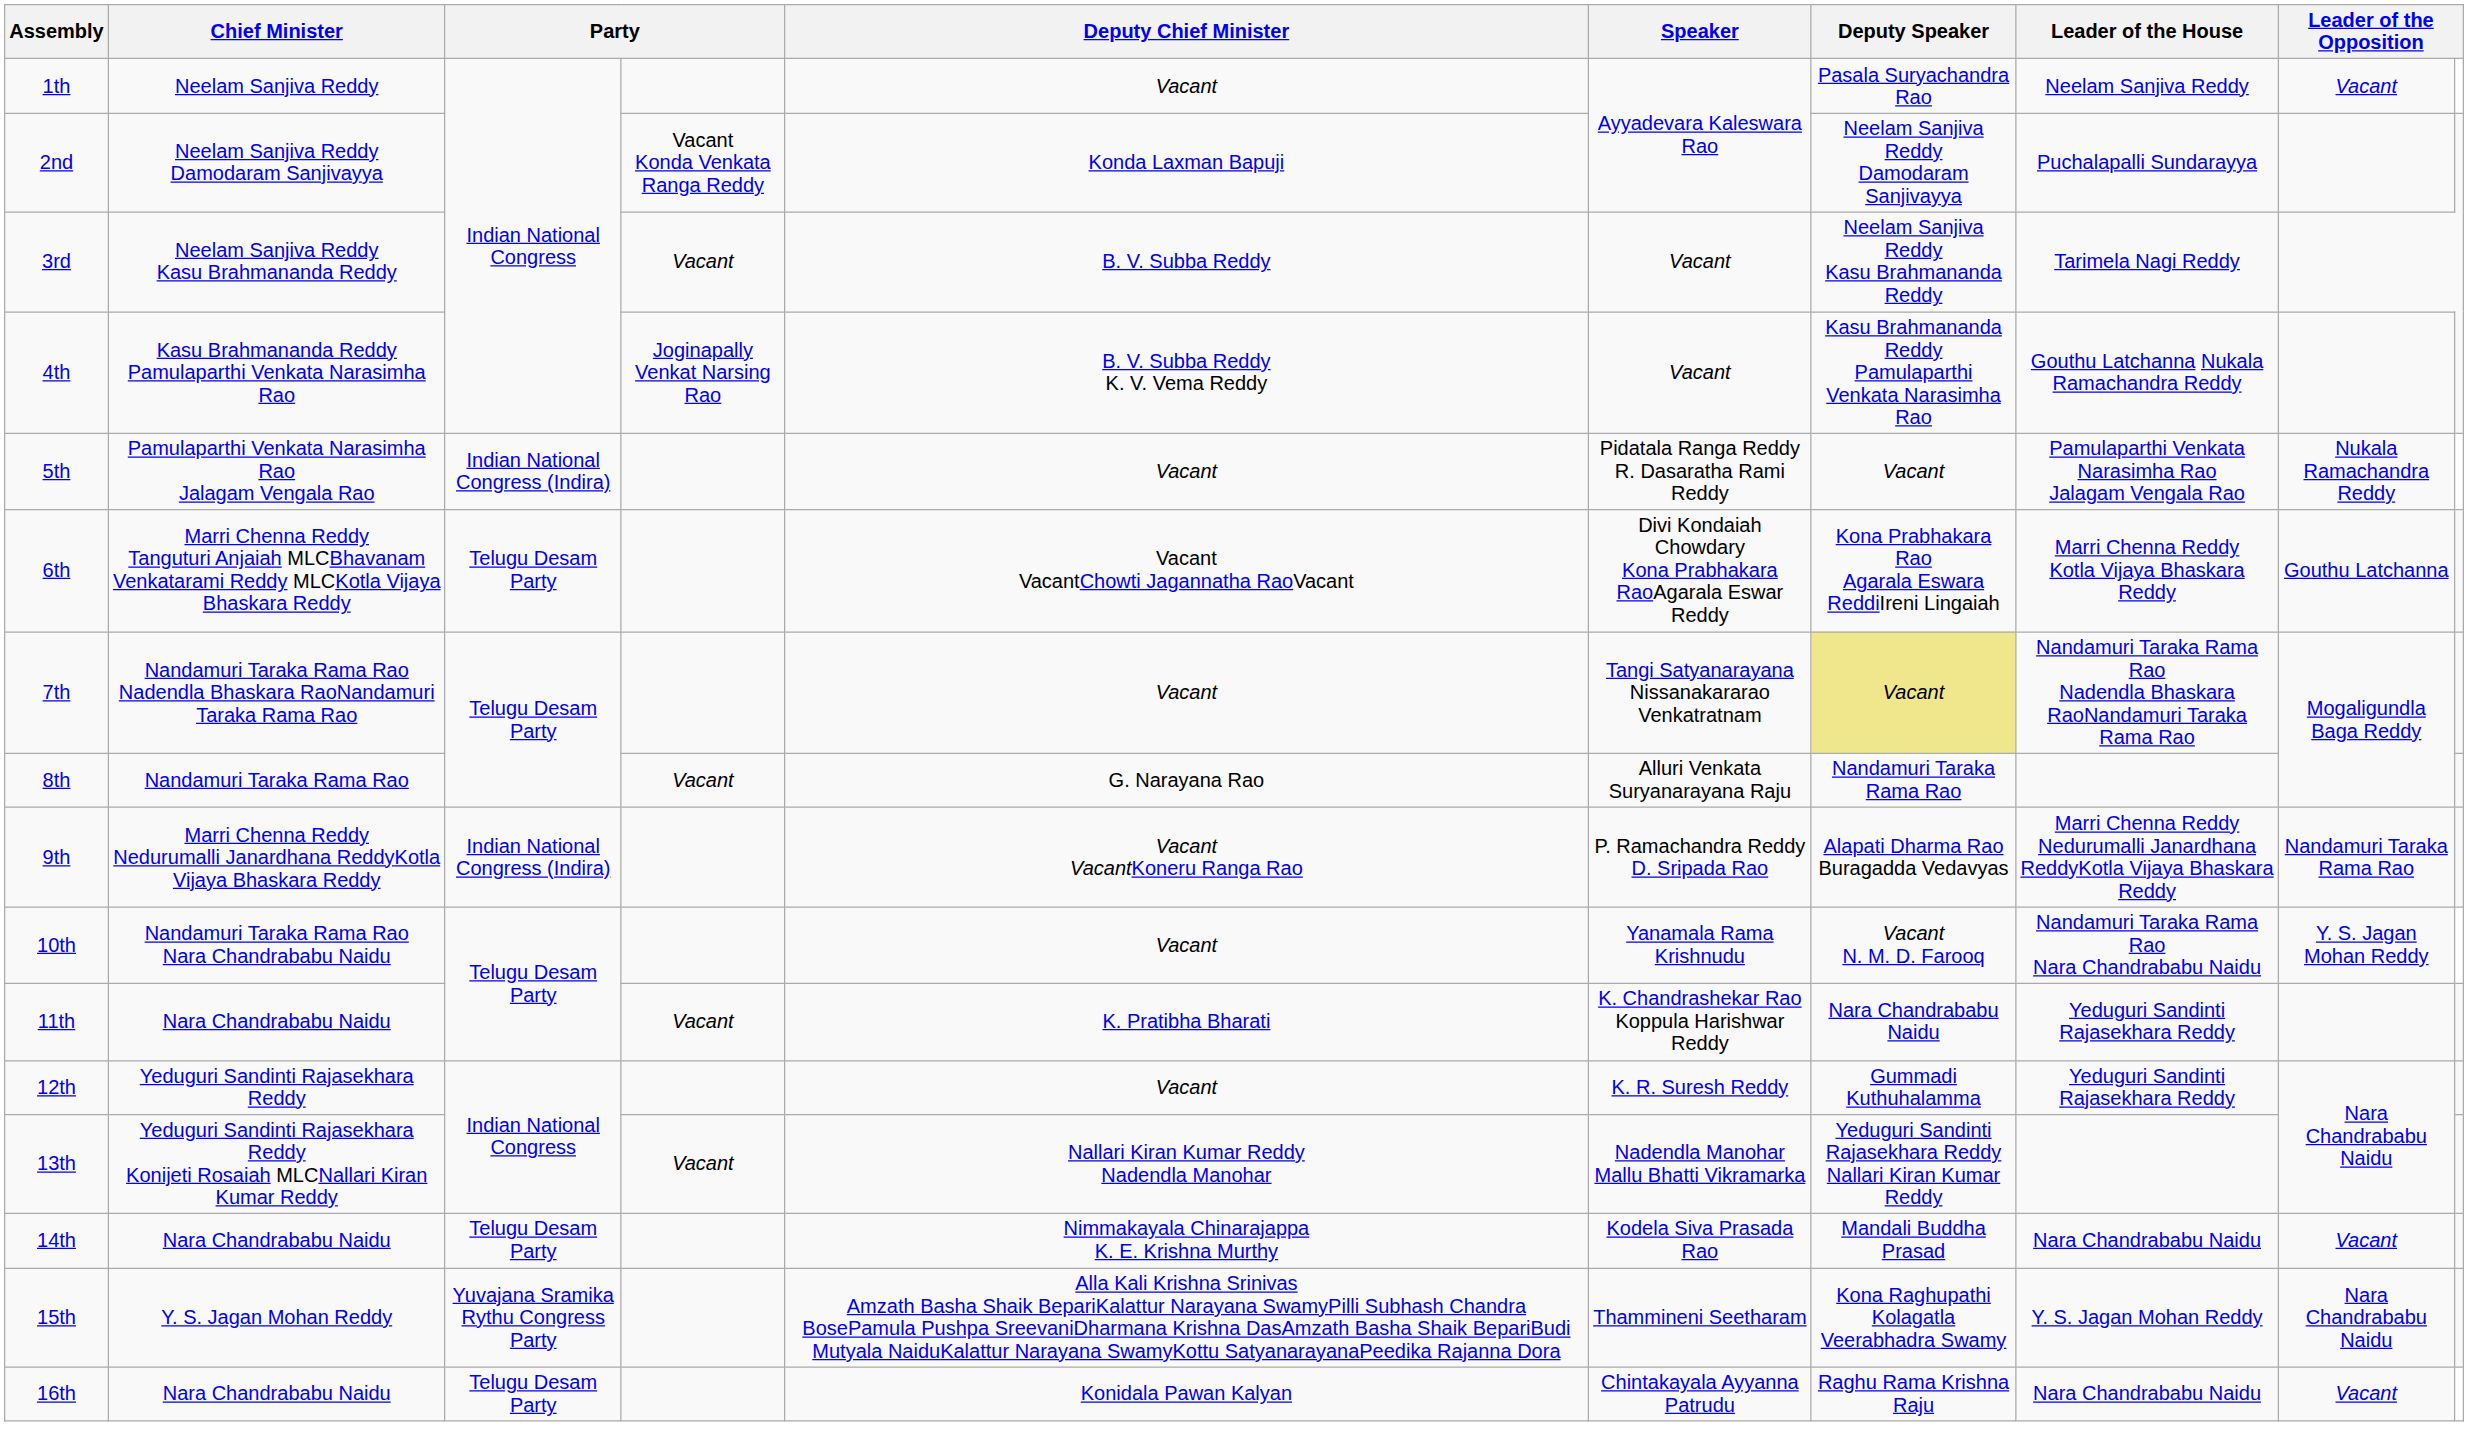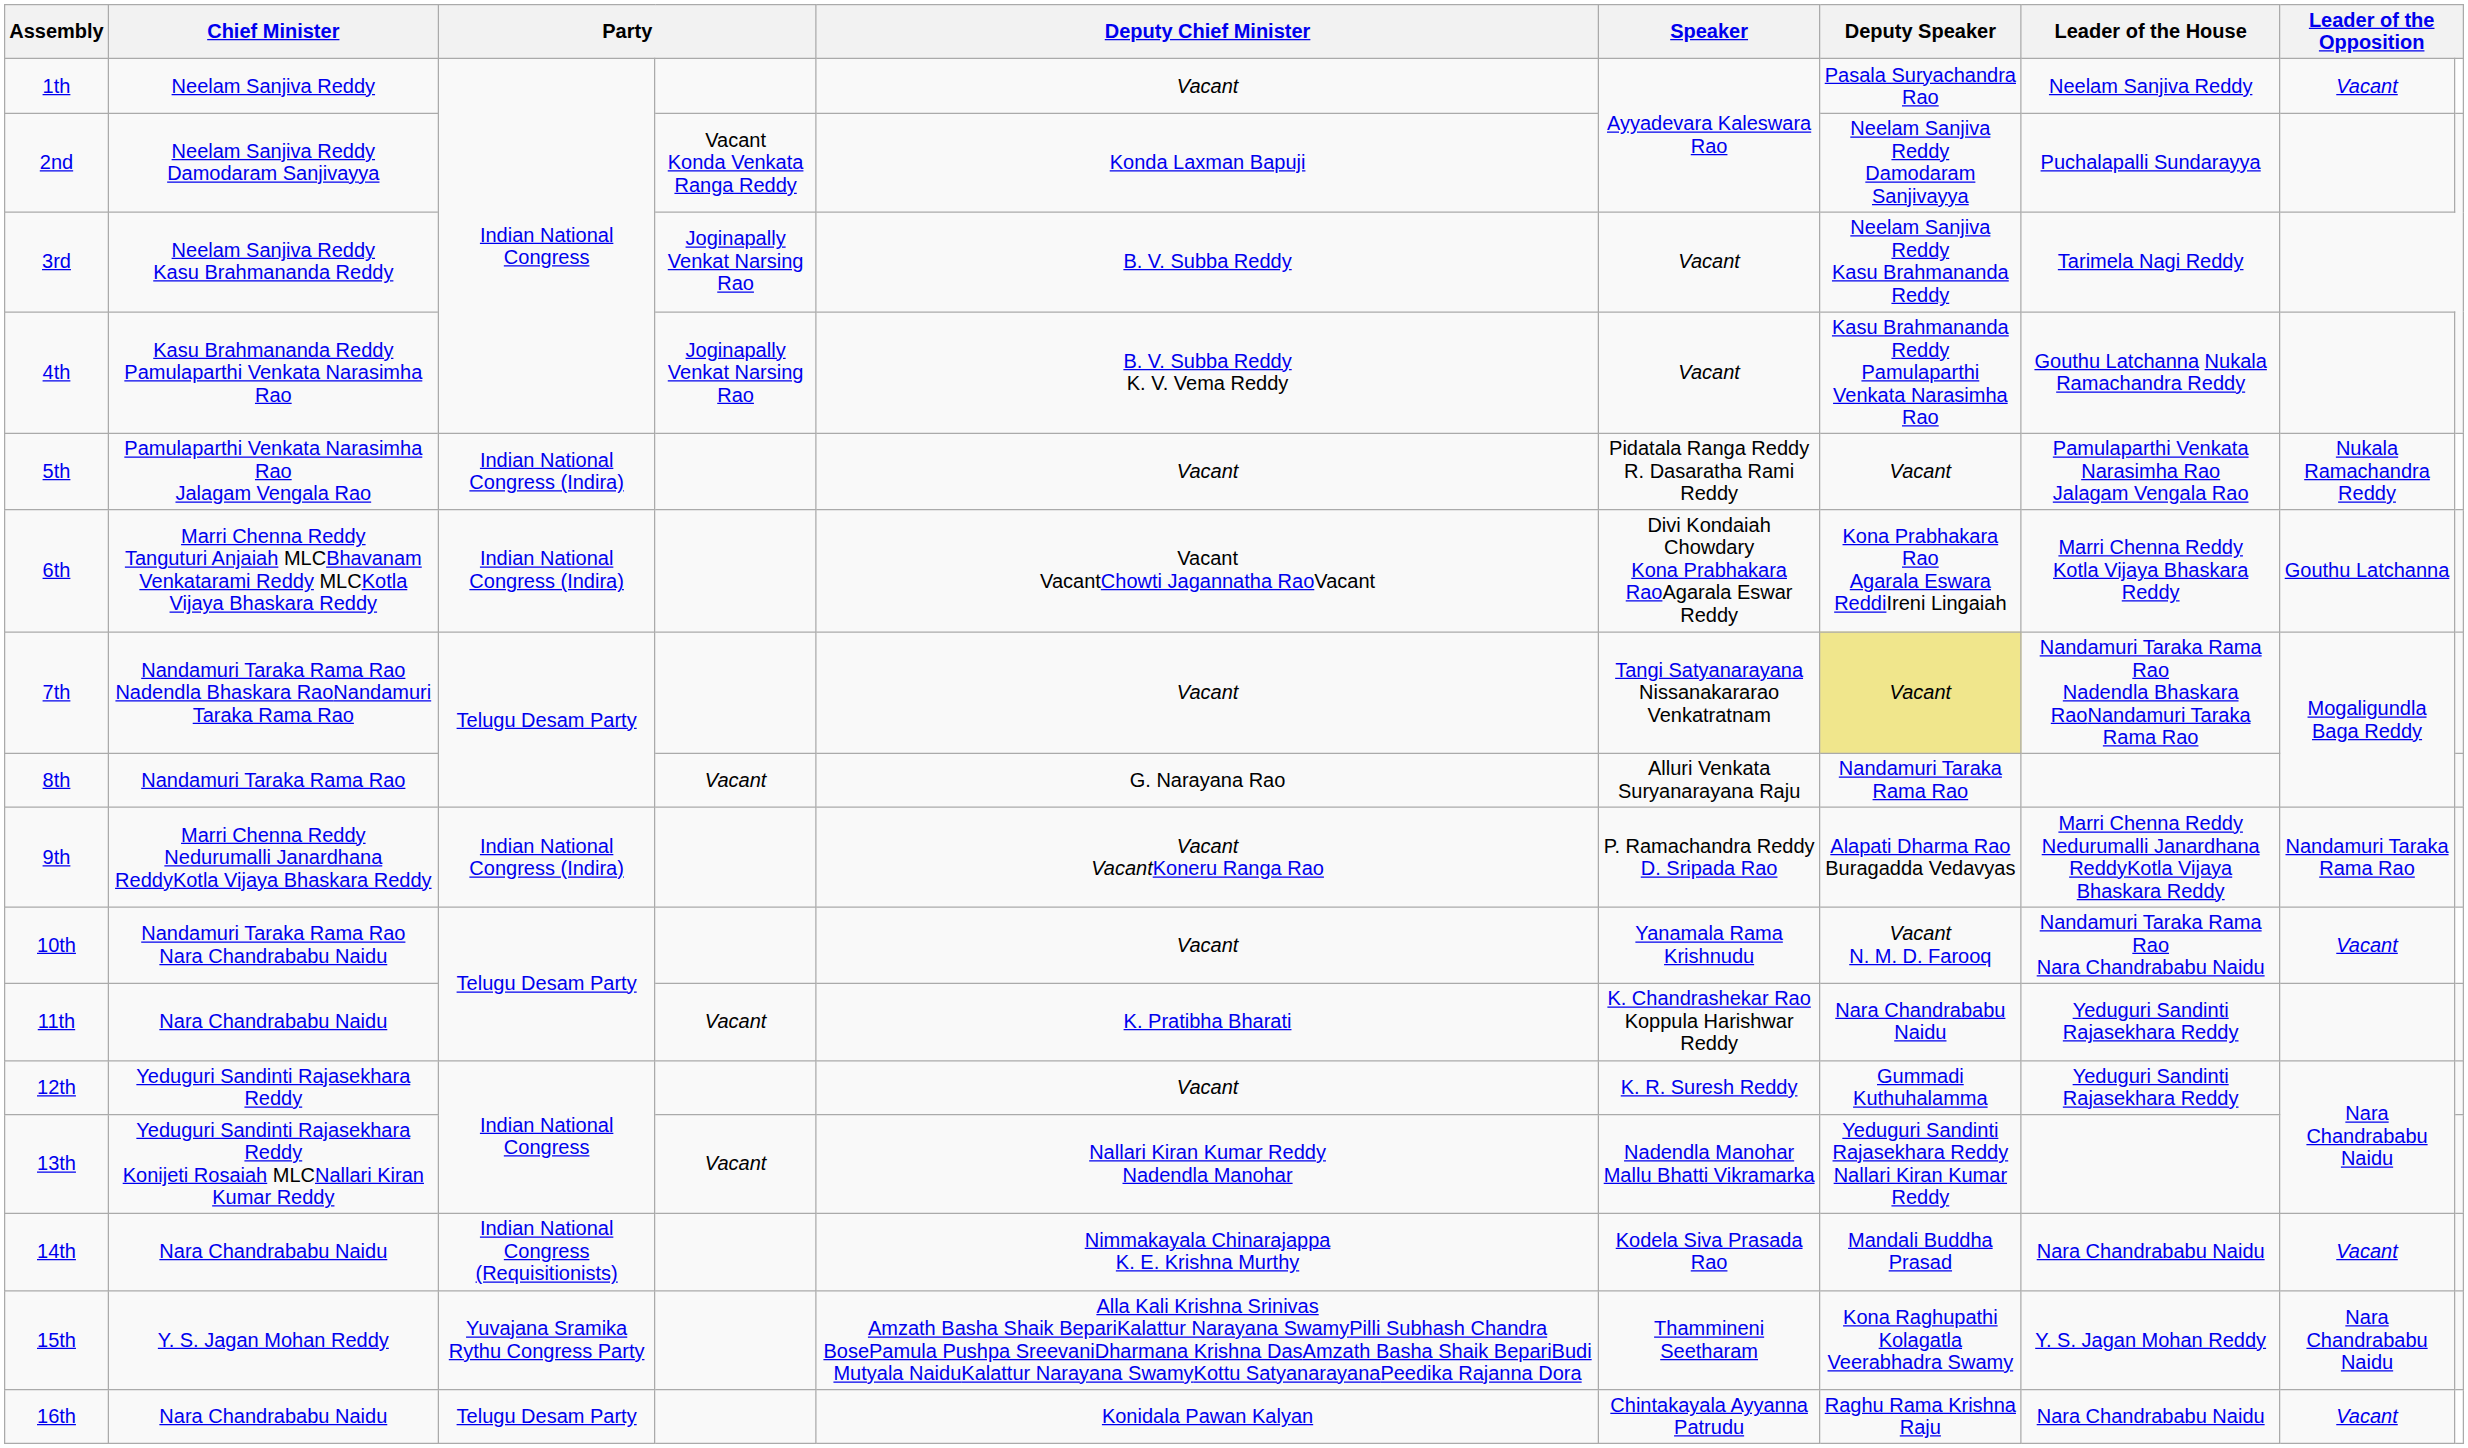 <table class="wikitable" style="text-align:center">
 <tr>
 <th>Assembly<br></th>
 <th><a href='#'>Chief Minister</a></th>
 <th colspan="2">Party</th>
 <th><a href='#'>Deputy Chief Minister</a></th>
 <th><a href='#'>Speaker</a></th>
 <th>Deputy Speaker</th>
 <th>Leader of the House</th>
 <th colspan=2><a href='#'>Leader of the Opposition</a></th>
 </tr>
 <tr>
 <td><a href='#'>1th</a><br></td>
 <td><a href='#'>Neelam Sanjiva Reddy</a></td>
 <td rowspan="4"><a href='#'>Indian National Congress</a></td>
 <td></td>
 <td><em>Vacant</em></td>
 <td rowspan="2"><a href='#'>Ayyadevara Kaleswara Rao</a></td>
 <td><a href='#'>Pasala Suryachandra Rao</a></td>
 <td><a href='#'>Neelam Sanjiva Reddy</a></td>
 <td><a href='#'><em>Vacant</em></a></td>
 <td style="background:white;"></td>
 </tr>
 <tr>
 <td><a href='#'>2nd</a><br></td>
 <td><a href='#'>Neelam Sanjiva Reddy</a><br><a href='#'>Damodaram Sanjivayya</a></td>
 <td>Vacant<br><a href='#'>Konda Venkata Ranga Reddy</a></td>
 <td><a href='#'>Konda Laxman Bapuji</a></td>
 <td><a href='#'>Neelam Sanjiva Reddy</a><br><a href='#'>Damodaram Sanjivayya</a></td>
 <td><a href='#'>Puchalapalli Sundarayya</a></td>
 <td></td>
 </tr>
 <tr>
 <td><a href='#'>3rd</a><br></td>
 <td><a href='#'>Neelam Sanjiva Reddy</a><br><a href='#'>Kasu Brahmananda Reddy</a></td>
-<td><em>Vacant</em></td>
+<td><a href='#'>Joginapally Venkat Narsing Rao</a></td>
 <td><a href='#'>B. V. Subba Reddy</a></td>
 <td><em>Vacant</em></td>
 <td><a href='#'>Neelam Sanjiva Reddy</a><br><a href='#'>Kasu Brahmananda Reddy</a></td>
 <td><a href='#'>Tarimela Nagi Reddy</a></td>
 </tr>
 <tr>
 <td><a href='#'>4th</a><br></td>
 <td><a href='#'>Kasu Brahmananda Reddy</a><br><a href='#'>Pamulaparthi Venkata Narasimha Rao</a></td>
 <td><a href='#'>Joginapally Venkat Narsing Rao</a></td>
 <td><a href='#'>B. V. Subba Reddy</a><br>K. V. Vema Reddy</td>
 <td><em>Vacant</em></td>
 <td><a href='#'>Kasu Brahmananda Reddy</a><br><a href='#'>Pamulaparthi Venkata Narasimha Rao</a></td>
 <td><a href='#'>Gouthu Latchanna</a> <a href='#'>Nukala Ramachandra Reddy</a></td>
 <td></td>
 </tr>
 <tr>
 <td><a href='#'>5th</a><br></td>
 <td><a href='#'>Pamulaparthi Venkata Narasimha Rao</a><br><a href='#'>Jalagam Vengala Rao</a></td>
 <td><a href='#'>Indian National Congress (Indira)</a></td>
 <td></td>
 <td><em>Vacant</em></td>
 <td>Pidatala Ranga Reddy<br>R. Dasaratha Rami Reddy</td>
 <td><em>Vacant</em></td>
 <td><a href='#'>Pamulaparthi Venkata Narasimha Rao</a><br><a href='#'>Jalagam Vengala Rao</a></td>
 <td><a href='#'>Nukala Ramachandra Reddy</a></td>
 <td style="background:white;"></td>
 </tr>
 <tr>
 <td><a href='#'>6th</a><br></td>
 <td><a href='#'>Marri Chenna Reddy</a><br><a href='#'>Tanguturi Anjaiah</a> MLC<a href='#'>Bhavanam Venkatarami Reddy</a> MLC<a href='#'>Kotla Vijaya Bhaskara Reddy</a></td>
-<td><a href='#'>Telugu Desam Party</a></td>
+<td><a href='#'>Indian National Congress (Indira)</a></td>
 <td></td>
 <td>Vacant<br>Vacant<a href='#'>Chowti Jagannatha Rao</a>Vacant</td>
 <td>Divi Kondaiah Chowdary<br><a href='#'>Kona Prabhakara Rao</a>Agarala Eswar Reddy</td>
 <td><a href='#'>Kona Prabhakara Rao</a><br><a href='#'>Agarala Eswara Reddi</a>Ireni Lingaiah</td>
 <td><a href='#'>Marri Chenna Reddy</a><br><a href='#'>Kotla Vijaya Bhaskara Reddy</a></td>
 <td><a href='#'>Gouthu Latchanna</a></td>
 <td></td>
 </tr>
 <tr>
 <td><a href='#'>7th</a><br></td>
 <td><a href='#'>Nandamuri Taraka Rama Rao</a><br><a href='#'>Nadendla Bhaskara Rao</a><a href='#'>Nandamuri Taraka Rama Rao</a></td>
 <td rowspan="2"><a href='#'>Telugu Desam Party</a></td>
 <td></td>
 <td><em>Vacant</em></td>
 <td><a href='#'>Tangi Satyanarayana</a><br>Nissanakararao Venkatratnam</td>
 <td style="background: khaki;"><em>Vacant</em></td>
 <td><a href='#'>Nandamuri Taraka Rama Rao</a><br><a href='#'>Nadendla Bhaskara Rao</a><a href='#'>Nandamuri Taraka Rama Rao</a></td>
 <td rowspan=2><a href='#'>Mogaligundla Baga Reddy</a></td>
 <td></td>
 </tr>
 <tr>
 <td><a href='#'>8th</a><br></td>
 <td><a href='#'>Nandamuri Taraka Rama Rao</a></td>
 <td><em>Vacant</em></td>
 <td>G. Narayana Rao</td>
 <td>Alluri Venkata Suryanarayana Raju</td>
 <td><a href='#'>Nandamuri Taraka Rama Rao</a></td>
 </tr>
 <tr>
 <td><a href='#'>9th</a><br></td>
 <td><a href='#'>Marri Chenna Reddy</a><br><a href='#'>Nedurumalli Janardhana Reddy</a><a href='#'>Kotla Vijaya Bhaskara Reddy</a></td>
 <td><a href='#'>Indian National Congress (Indira)</a></td>
 <td></td>
 <td><em>Vacant</em><br><em>Vacant</em><a href='#'>Koneru Ranga Rao</a></td>
 <td>P. Ramachandra Reddy<br><a href='#'>D. Sripada Rao</a></td>
 <td><a href='#'>Alapati Dharma Rao</a><br>Buragadda Vedavyas</td>
 <td><a href='#'>Marri Chenna Reddy</a><br><a href='#'>Nedurumalli Janardhana Reddy</a><a href='#'>Kotla Vijaya Bhaskara Reddy</a></td>
 <td><a href='#'>Nandamuri Taraka Rama Rao</a></td>
 <td></td>
 </tr>
 <tr>
 <td><a href='#'>10th</a><br></td>
 <td><a href='#'>Nandamuri Taraka Rama Rao</a><br><a href='#'>Nara Chandrababu Naidu</a></td>
 <td rowspan="2"><a href='#'>Telugu Desam Party</a></td>
 <td></td>
 <td><em>Vacant</em></td>
 <td><a href='#'>Yanamala Rama Krishnudu</a></td>
 <td><em>Vacant</em><br><a href='#'>N. M. D. Farooq</a></td>
 <td><a href='#'>Nandamuri Taraka Rama Rao</a><br><a href='#'>Nara Chandrababu Naidu</a></td>
-<td><a href='#'>Y. S. Jagan Mohan Reddy</a></td>
+<td><a href='#'><em>Vacant</em></a></td>
 <td style="background:white;"></td>
 </tr>
 <tr>
 <td><a href='#'>11th</a><br></td>
 <td><a href='#'>Nara Chandrababu Naidu</a></td>
 <td><em>Vacant</em></td>
 <td><a href='#'>K. Pratibha Bharati</a></td>
 <td><a href='#'>K. Chandrashekar Rao</a><br>Koppula Harishwar Reddy</td>
 <td><a href='#'>Nara Chandrababu Naidu</a></td>
 <td><a href='#'>Yeduguri Sandinti Rajasekhara Reddy</a></td>
 <td></td>
 </tr>
 <tr>
 <td><a href='#'>12th</a><br></td>
 <td><a href='#'>Yeduguri Sandinti Rajasekhara Reddy</a></td>
 <td rowspan="2"><a href='#'>Indian National Congress</a></td>
 <td></td>
 <td><em>Vacant</em></td>
 <td><a href='#'>K. R. Suresh Reddy</a></td>
 <td><a href='#'>Gummadi Kuthuhalamma</a></td>
 <td><a href='#'>Yeduguri Sandinti Rajasekhara Reddy</a></td>
 <td rowspan=2><a href='#'>Nara Chandrababu Naidu</a></td>
 <td></td>
 </tr>
 <tr>
 <td><a href='#'>13th</a><br></td>
 <td><a href='#'>Yeduguri Sandinti Rajasekhara Reddy</a><br><a href='#'>Konijeti Rosaiah</a> MLC<a href='#'>Nallari Kiran Kumar Reddy</a></td>
 <td><em>Vacant</em></td>
 <td><a href='#'>Nallari Kiran Kumar Reddy</a><br><a href='#'>Nadendla Manohar</a></td>
 <td><a href='#'>Nadendla Manohar</a><br><a href='#'>Mallu Bhatti Vikramarka</a></td>
 <td><a href='#'>Yeduguri Sandinti Rajasekhara Reddy</a><br><a href='#'>Nallari Kiran Kumar Reddy</a></td>
 </tr>
 <tr>
 <td><a href='#'>14th</a><br></td>
 <td><a href='#'>Nara Chandrababu Naidu</a></td>
-<td><a href='#'>Telugu Desam Party</a></td>
+<td><a href='#'>Indian National Congress (Requisitionists)</a></td>
 <td></td>
 <td><a href='#'>Nimmakayala Chinarajappa</a><br><a href='#'>K. E. Krishna Murthy</a></td>
 <td><a href='#'>Kodela Siva Prasada Rao</a></td>
 <td><a href='#'>Mandali Buddha Prasad</a></td>
 <td><a href='#'>Nara Chandrababu Naidu</a></td>
 <td><a href='#'><em>Vacant</em></a></td>
 <td></td>
 </tr>
 <tr>
 <td><a href='#'>15th</a><br></td>
 <td><a href='#'>Y. S. Jagan Mohan Reddy</a></td>
 <td><a href='#'>Yuvajana Sramika Rythu Congress Party</a></td>
 <td></td>
 <td><a href='#'>Alla Kali Krishna Srinivas</a><br><a href='#'>Amzath Basha Shaik Bepari</a><a href='#'>Kalattur Narayana Swamy</a><a href='#'>Pilli Subhash Chandra Bose</a><a href='#'>Pamula Pushpa Sreevani</a><a href='#'>Dharmana Krishna Das</a><a href='#'>Amzath Basha Shaik Bepari</a><a href='#'>Budi Mutyala Naidu</a><a href='#'>Kalattur Narayana Swamy</a><a href='#'>Kottu Satyanarayana</a><a href='#'>Peedika Rajanna Dora</a></td>
 <td><a href='#'>Thammineni Seetharam</a></td>
 <td><a href='#'>Kona Raghupathi</a><br><a href='#'>Kolagatla Veerabhadra Swamy</a></td>
 <td><a href='#'>Y. S. Jagan Mohan Reddy</a></td>
 <td><a href='#'>Nara Chandrababu Naidu</a></td>
 <td></td>
 </tr>
 <tr>
 <td><a href='#'>16th</a><br></td>
 <td><a href='#'>Nara Chandrababu Naidu</a></td>
 <td><a href='#'>Telugu Desam Party</a></td>
 <td></td>
 <td><a href='#'>Konidala Pawan Kalyan</a></td>
 <td><a href='#'>Chintakayala Ayyanna Patrudu</a></td>
 <td><a href='#'>Raghu Rama Krishna Raju</a></td>
 <td><a href='#'>Nara Chandrababu Naidu</a></td>
 <td><a href='#'><em>Vacant</em></a></td>
 <td style="background:white;"></td>
 </tr>
 </table>
